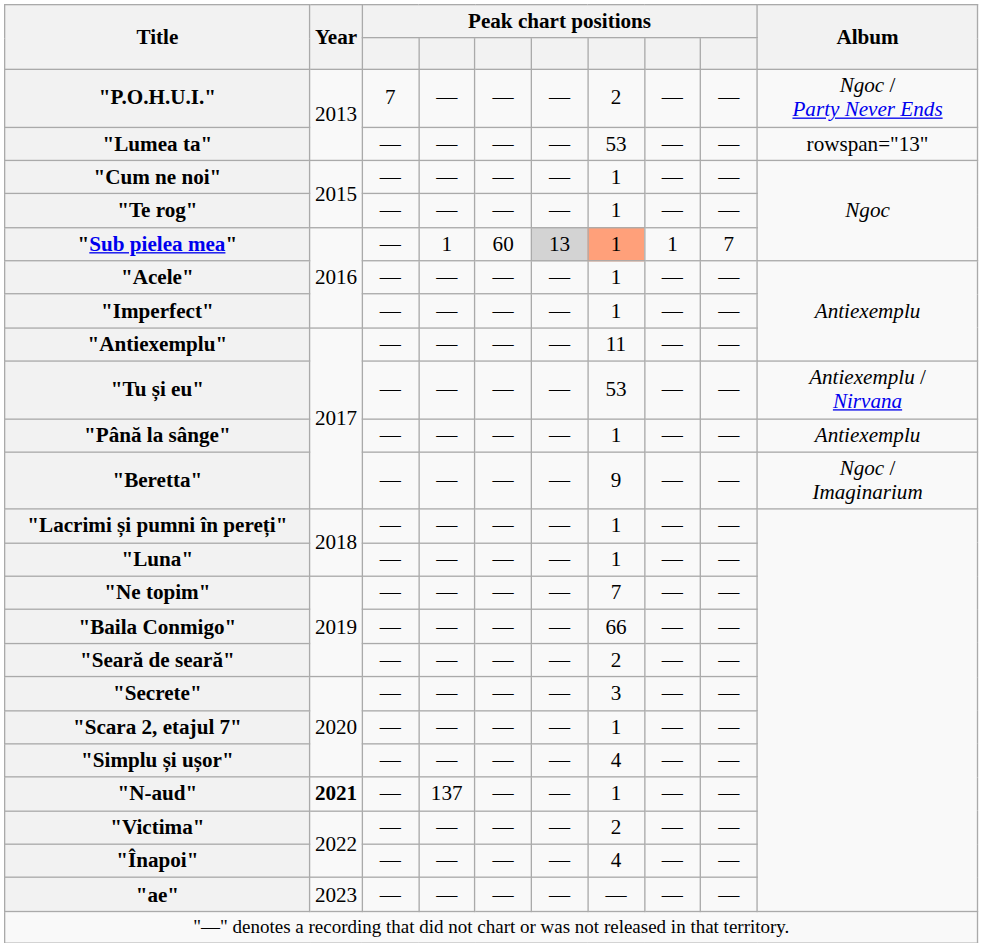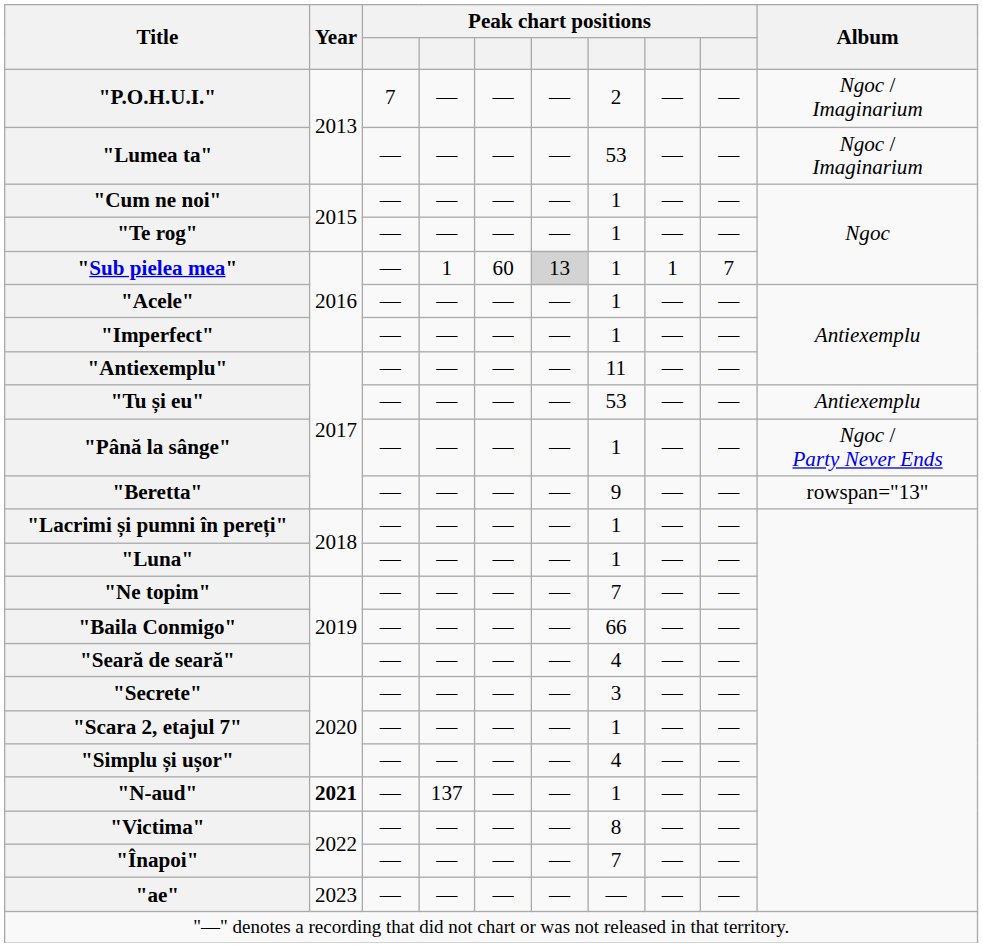 <table class="wikitable plainrowheaders" style="text-align:center;">
 <tr>
 <th scope="col" rowspan="2" style="width:14em;">Title</th>
 <th scope="col" rowspan="2" style="width:1em;">Year</th>
 <th colspan="7" scope="col">Peak chart positions</th>
 <th scope="col" rowspan="2" style="width:10em;">Album</th>
 </tr>
 <tr>
 <th scope="col" style="width:2.5em;font-size:90%;"><a href='#'></a><br></th>
 <th scope="col" style="width:2.5em;font-size:90%;"><a href='#'></a><br></th>
 <th scope="col" style="width:2.5em;font-size:90%;"><a href='#'></a><br></th>
 <th scope="col" style="width:2.5em;font-size:90%;"><a href='#'></a><br></th>
 <th scope="col" style="width:2.5em;font-size:90%;"><a href='#'></a><br></th>
 <th scope="col" style="width:2.5em;font-size:90%;"><a href='#'></a><br></th>
 <th scope="col" style="width:2.5em;font-size:90%;"><a href='#'></a><br></th>
 </tr>
 <tr>
 <th scope="row">"P.O.H.U.I."<br></th>
 <td rowspan="2">2013</td>
 <td>7</td>
 <td>—</td>
 <td>—</td>
 <td>—</td>
 <td>2</td>
 <td>—</td>
 <td>—</td>
-<td><em>Ngoc</em> /<br><em><a href='#'>Party Never Ends</a></em></td>
+<td><em>Ngoc</em> /<br><em>Imaginarium</em></td>
 </tr>
 <tr>
 <th scope="row">"Lumea ta"<br></th>
 <td>—</td>
 <td>—</td>
 <td>—</td>
 <td>—</td>
 <td>53</td>
 <td>—</td>
 <td>—</td>
-<td>rowspan="13" </td>
+<td><em>Ngoc</em> /<br><em>Imaginarium</em></td>
 </tr>
 <tr>
 <th scope="row">"Cum ne noi"<br></th>
 <td rowspan="2">2015</td>
 <td>—</td>
 <td>—</td>
 <td>—</td>
 <td>—</td>
 <td>1</td>
 <td>—</td>
 <td>—</td>
 <td rowspan="3"><em>Ngoc</em></td>
 </tr>
 <tr>
 <th scope="row">"Te rog"</th>
 <td>—</td>
 <td>—</td>
 <td>—</td>
 <td>—</td>
 <td>1</td>
 <td>—</td>
 <td>—</td>
 </tr>
 <tr>
 <th scope="row">"<a href='#'>Sub pielea mea</a>"</th>
 <td rowspan="3">2016</td>
 <td>—</td>
 <td>1</td>
 <td>60</td>
 <td style="background: lightgrey;">13</td>
-<td style="background: lightsalmon;">1</td>
+<td>1</td>
 <td>1</td>
 <td>7</td>
 </tr>
 <tr>
 <th scope="row">"Acele"</th>
 <td>—</td>
 <td>—</td>
 <td>—</td>
 <td>—</td>
 <td>1</td>
 <td>—</td>
 <td>—</td>
 <td rowspan="3"><em>Antiexemplu</em></td>
 </tr>
 <tr>
 <th scope="row">"Imperfect"</th>
 <td>—</td>
 <td>—</td>
 <td>—</td>
 <td>—</td>
 <td>1</td>
 <td>—</td>
 <td>—</td>
 </tr>
 <tr>
 <th scope="row">"Antiexemplu"</th>
 <td rowspan="4">2017</td>
 <td>—</td>
 <td>—</td>
 <td>—</td>
 <td>—</td>
 <td>11</td>
 <td>—</td>
 <td>—</td>
 </tr>
 <tr>
 <th scope="row">"Tu și eu"<br></th>
 <td>—</td>
 <td>—</td>
 <td>—</td>
 <td>—</td>
 <td>53</td>
 <td>—</td>
 <td>—</td>
-<td><em>Antiexemplu</em> /<br><em><a href='#'>Nirvana</a></em></td>
+<td><em>Antiexemplu</em></td>
 </tr>
 <tr>
 <th scope="row">"Până la sânge"</th>
 <td>—</td>
 <td>—</td>
 <td>—</td>
 <td>—</td>
 <td>1</td>
 <td>—</td>
 <td>—</td>
-<td><em>Antiexemplu</em></td>
+<td><em>Ngoc</em> /<br><em><a href='#'>Party Never Ends</a></em></td>
 </tr>
 <tr>
 <th scope="row">"Beretta"</th>
 <td>—</td>
 <td>—</td>
 <td>—</td>
 <td>—</td>
 <td>9</td>
 <td>—</td>
 <td>—</td>
-<td><em>Ngoc</em> /<br><em>Imaginarium</em></td>
+<td>rowspan="13" </td>
 </tr>
 <tr>
 <th scope="row">"Lacrimi și pumni în pereți"</th>
 <td rowspan="2">2018</td>
 <td>—</td>
 <td>—</td>
 <td>—</td>
 <td>—</td>
 <td>1</td>
 <td>—</td>
 <td>—</td>
 </tr>
 <tr>
 <th scope="row">"Luna"</th>
 <td>—</td>
 <td>—</td>
 <td>—</td>
 <td>—</td>
 <td>1</td>
 <td>—</td>
 <td>—</td>
 </tr>
 <tr>
 <th scope="row">"Ne topim"</th>
 <td rowspan="3">2019</td>
 <td>—</td>
 <td>—</td>
 <td>—</td>
 <td>—</td>
 <td>7</td>
 <td>—</td>
 <td>—</td>
 </tr>
 <tr>
 <th scope="row">"Baila Conmigo"<br></th>
 <td>—</td>
 <td>—</td>
 <td>—</td>
 <td>—</td>
 <td>66</td>
 <td>—</td>
 <td>—</td>
 </tr>
 <tr>
 <th scope="row">"Seară de seară"</th>
 <td>—</td>
 <td>—</td>
 <td>—</td>
 <td>—</td>
-<td>2</td>
+<td>4</td>
 <td>—</td>
 <td>—</td>
 </tr>
 <tr>
 <th scope="row">"Secrete"</th>
 <td rowspan="3">2020</td>
 <td>—</td>
 <td>—</td>
 <td>—</td>
 <td>—</td>
 <td>3</td>
 <td>—</td>
 <td>—</td>
 </tr>
 <tr>
 <th scope="row">"Scara 2, etajul 7"</th>
 <td>—</td>
 <td>—</td>
 <td>—</td>
 <td>—</td>
 <td>1</td>
 <td>—</td>
 <td>—</td>
 </tr>
 <tr>
 <th scope="row">"Simplu și ușor"</th>
 <td>—</td>
 <td>—</td>
 <td>—</td>
 <td>—</td>
 <td>4</td>
 <td>—</td>
 <td>—</td>
 </tr>
 <tr>
 <th scope="row">"N-aud"<br></th>
 <td><strong>2021</strong></td>
 <td>—</td>
 <td>137</td>
 <td>—</td>
 <td>—</td>
 <td>1</td>
 <td>—</td>
 <td>—</td>
 </tr>
 <tr>
 <th scope="row">"Victima"</th>
 <td rowspan="2">2022</td>
 <td>—</td>
 <td>—</td>
 <td>—</td>
 <td>—</td>
-<td>2</td>
+<td>8</td>
 <td>—</td>
 <td>—</td>
 </tr>
 <tr>
 <th scope="row">"Înapoi"</th>
 <td>—</td>
 <td>—</td>
 <td>—</td>
 <td>—</td>
-<td>4</td>
+<td>7</td>
 <td>—</td>
 <td>—</td>
 </tr>
 <tr>
 <th scope="row">"ae"</th>
 <td rowspan="1">2023</td>
 <td>—</td>
 <td>—</td>
 <td>—</td>
 <td>—</td>
 <td>—</td>
 <td>—</td>
 <td>—</td>
 </tr>
 <tr>
 <td colspan="17" style="font-size:90%">"—" denotes a recording that did not chart or was not released in that territory.</td>
 </tr>
 </table>
